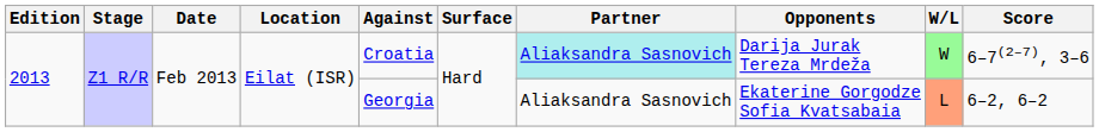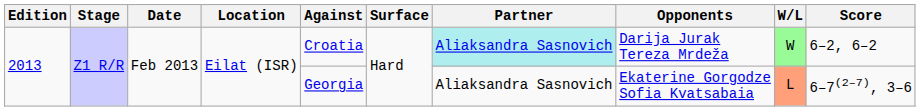 <table class=wikitable>
 <tr>
 <th>Edition</th>
 <th>Stage</th>
 <th>Date</th>
 <th>Location</th>
 <th>Against</th>
 <th>Surface</th>
 <th>Partner</th>
 <th>Opponents</th>
 <th>W/L</th>
 <th>Score</th>
 </tr>
 <tr>
 <td rowspan="2"><a href='#'>2013</a></td>
 <td style="background:#ccf;" rowspan="2"><a href='#'>Z1 R/R</a></td>
 <td rowspan="2">Feb 2013</td>
 <td rowspan="2"><a href='#'>Eilat</a> (ISR)</td>
 <td> <a href='#'>Croatia</a></td>
 <td rowspan="2">Hard</td>
 <td style="background: paleturquoise;"><a href='#'>Aliaksandra Sasnovich</a></td>
 <td><a href='#'>Darija Jurak</a> <br> <a href='#'>Tereza Mrdeža</a></td>
 <td style="text-align:center; background:#98fb98;">W</td>
-<td>6–7<sup>(2–7)</sup>, 3–6</td>
+<td>6–2, 6–2</td>
 </tr>
 <tr>
 <td> <a href='#'>Georgia</a></td>
 <td>Aliaksandra Sasnovich</td>
 <td><a href='#'>Ekaterine Gorgodze</a> <br> <a href='#'>Sofia Kvatsabaia</a></td>
 <td style="text-align:center; background:#ffa07a;">L</td>
-<td>6–2, 6–2</td>
+<td>6–7<sup>(2–7)</sup>, 3–6</td>
 </tr>
 </table>
